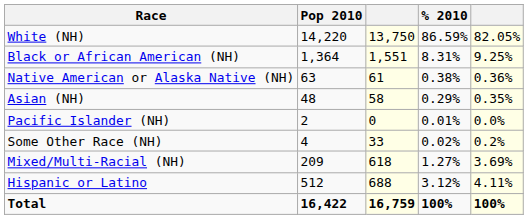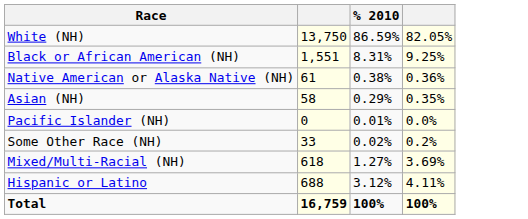 <table class="wikitable">
 <tr>
 <th>Race</th>
-<th>Pop 2010</th>
 <th></th>
 <th>% 2010</th>
 <th></th>
 </tr>
 <tr>
 <td><a href='#'>White</a> (NH)</td>
-<td>14,220</td>
 <td style='background: #ffffe6;'>13,750</td>
 <td>86.59%</td>
 <td style='background: #ffffe6;'>82.05%</td>
 </tr>
 <tr>
 <td><a href='#'>Black or African American</a> (NH)</td>
-<td>1,364</td>
 <td style='background: #ffffe6;'>1,551</td>
 <td>8.31%</td>
 <td style='background: #ffffe6;'>9.25%</td>
 </tr>
 <tr>
 <td><a href='#'>Native American</a> or <a href='#'>Alaska Native</a> (NH)</td>
-<td>63</td>
 <td style='background: #ffffe6;'>61</td>
 <td>0.38%</td>
 <td style='background: #ffffe6;'>0.36%</td>
 </tr>
 <tr>
 <td><a href='#'>Asian</a> (NH)</td>
-<td>48</td>
 <td style='background: #ffffe6;'>58</td>
 <td>0.29%</td>
 <td style='background: #ffffe6;'>0.35%</td>
 </tr>
 <tr>
 <td><a href='#'>Pacific Islander</a> (NH)</td>
-<td>2</td>
 <td style='background: #ffffe6;'>0</td>
 <td>0.01%</td>
 <td style='background: #ffffe6;'>0.0%</td>
 </tr>
 <tr>
 <td>Some Other Race (NH)</td>
-<td>4</td>
 <td style='background: #ffffe6;'>33</td>
 <td>0.02%</td>
 <td style='background: #ffffe6;'>0.2%</td>
 </tr>
 <tr>
 <td><a href='#'>Mixed/Multi-Racial</a> (NH)</td>
-<td>209</td>
 <td style='background: #ffffe6;'>618</td>
 <td>1.27%</td>
 <td style='background: #ffffe6;'>3.69%</td>
 </tr>
 <tr>
 <td><a href='#'>Hispanic or Latino</a></td>
-<td>512</td>
 <td style='background: #ffffe6;'>688</td>
 <td>3.12%</td>
 <td style='background: #ffffe6;'>4.11%</td>
 </tr>
 <tr>
 <td><strong>Total</strong></td>
-<td><strong>16,422</strong></td>
 <td style='background: #ffffe6;'><strong>16,759</strong></td>
 <td><strong>100%</strong></td>
 <td style='background: #ffffe6;'><strong>100%</strong></td>
 </tr>
 </table>
